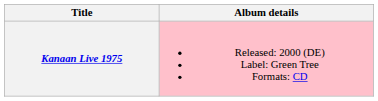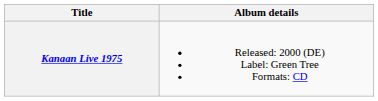 <table class="wikitable plainrowheaders" style="text-align:center;">
 <tr>
 <th scope="col" rowspan="1" style="width:14em;">Title</th>
 <th scope="col" rowspan="1" style="width:19.5em;">Album details</th>
 </tr>
 <tr>
 <th scope="row"><em><a href='#'>Kanaan Live 1975</a></em></th>
-<td style="background: pink;"><br><ul><li>Released: 2000 <span>(DE)</span></li><li>Label: Green Tree</li><li>Formats: <a href='#'>CD</a></li></ul></td>
+<td><br><ul><li>Released: 2000 <span>(DE)</span></li><li>Label: Green Tree</li><li>Formats: <a href='#'>CD</a></li></ul></td>
 </tr>
 </table>
